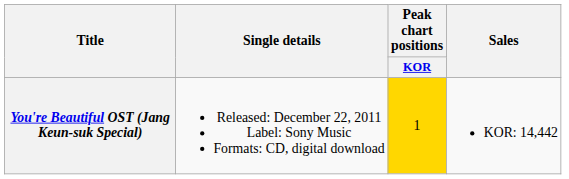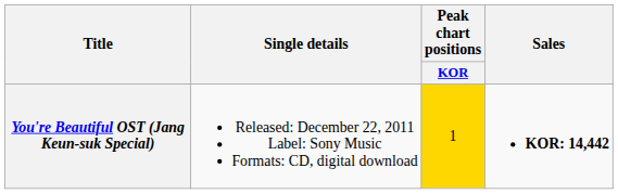 <table class="wikitable plainrowheaders" style="text-align:center;">
 <tr>
 <th rowspan="2" scope="col" style="width:12em;">Title</th>
 <th rowspan="2" scope="col">Single details</th>
 <th>Peak chart positions</th>
 <th rowspan="2" scope="col">Sales</th>
 </tr>
 <tr>
 <th scope="col" style="width:2.5em;font-size:90%;"><a href='#'>KOR</a><br></th>
 </tr>
 <tr>
 <th scope="row"><em><a href='#'>You're Beautiful</a> OST (Jang Keun-suk Special)</em></th>
 <td><br><ul><li>Released: December 22, 2011</li><li>Label: Sony Music</li><li>Formats: CD, digital download</li></ul></td>
 <td style="background: gold;">1</td>
-<td><br><ul><li>KOR: 14,442</li></ul></td>
+<td><strong><br><ul><li>KOR: 14,442</li></ul></strong></td>
 </tr>
 </table>
